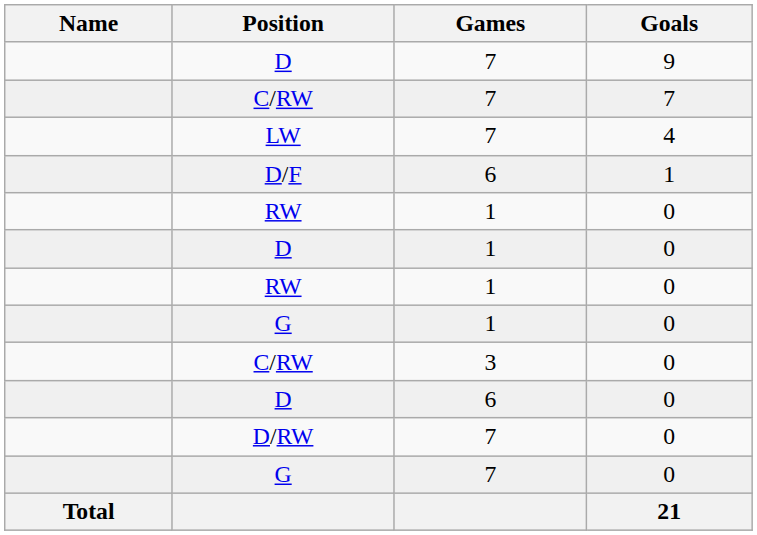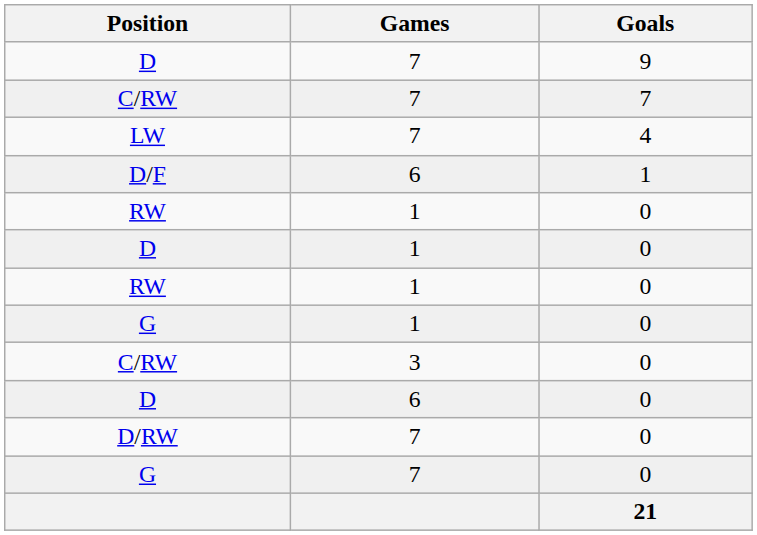 <table class="wikitable sortable" width ="40%">
 <tr align="center">
-<th><strong>Name</strong></th>
 <th><strong>Position</strong></th>
 <th><strong>Games</strong></th>
 <th><strong>Goals</strong></th>
 </tr>
 <tr align="center" bgcolor="">
-<td></td>
 <td><a href='#'>D</a></td>
 <td>7</td>
 <td>9</td>
 </tr>
 <tr align="center" bgcolor="f0f0f0">
-<td></td>
 <td><a href='#'>C</a>/<a href='#'>RW</a></td>
 <td>7</td>
 <td>7</td>
 </tr>
 <tr align="center" bgcolor="">
-<td></td>
 <td><a href='#'>LW</a></td>
 <td>7</td>
 <td>4</td>
 </tr>
 <tr align="center" bgcolor="f0f0f0">
-<td></td>
 <td><a href='#'>D</a>/<a href='#'>F</a></td>
 <td>6</td>
 <td>1</td>
 </tr>
 <tr align="center" bgcolor="">
-<td></td>
 <td><a href='#'>RW</a></td>
 <td>1</td>
 <td>0</td>
 </tr>
 <tr align="center" bgcolor="f0f0f0">
-<td></td>
 <td><a href='#'>D</a></td>
 <td>1</td>
 <td>0</td>
 </tr>
 <tr align="center" bgcolor="">
-<td></td>
 <td><a href='#'>RW</a></td>
 <td>1</td>
 <td>0</td>
 </tr>
 <tr align="center" bgcolor="f0f0f0">
-<td></td>
 <td><a href='#'>G</a></td>
 <td>1</td>
 <td>0</td>
 </tr>
 <tr align="center" bgcolor="">
-<td></td>
 <td><a href='#'>C</a>/<a href='#'>RW</a></td>
 <td>3</td>
 <td>0</td>
 </tr>
 <tr align="center" bgcolor="f0f0f0">
-<td></td>
 <td><a href='#'>D</a></td>
 <td>6</td>
 <td>0</td>
 </tr>
 <tr align="center" bgcolor="">
-<td></td>
 <td><a href='#'>D</a>/<a href='#'>RW</a></td>
 <td>7</td>
 <td>0</td>
 </tr>
 <tr align="center" bgcolor="f0f0f0">
-<td></td>
 <td><a href='#'>G</a></td>
 <td>7</td>
 <td>0</td>
 </tr>
 <tr>
-<th>Total</th>
 <th></th>
 <th></th>
 <th>21</th>
 </tr>
 </table>
